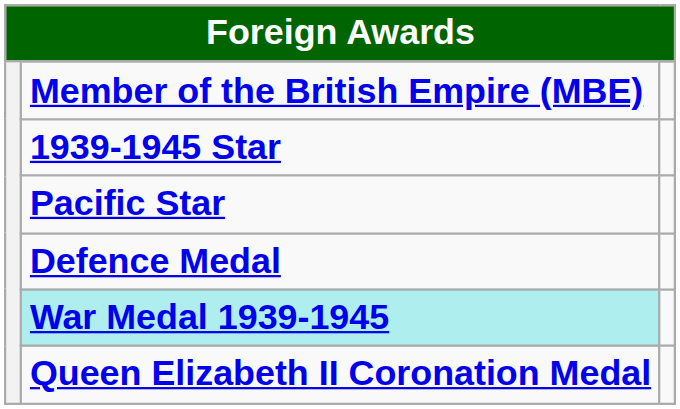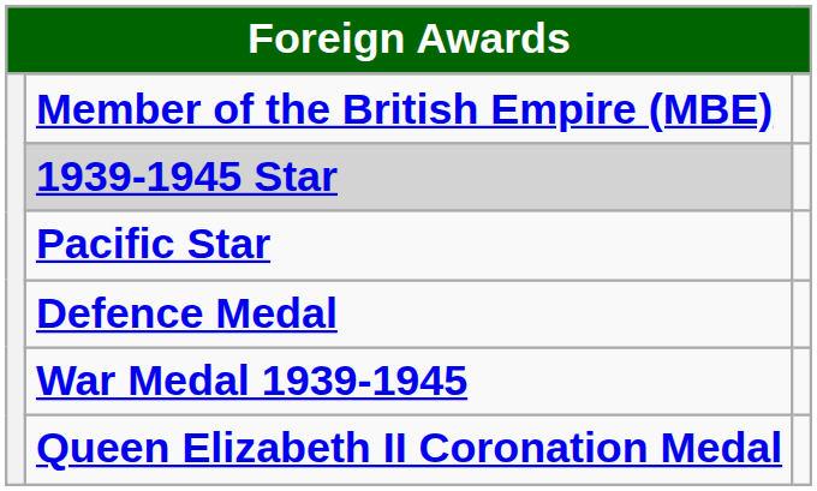 <table class="wikitable">
 <tr>
 <th colspan="3" style="background:#006400; color:#FFFFFF; text-align:center"><strong>Foreign Awards</strong></th>
 </tr>
 <tr>
 <th rowspan="6"><strong></strong></th>
 <td><strong><a href='#'>Member of the British Empire (MBE)</a></strong></td>
 <td></td>
 </tr>
 <tr>
-<td><strong><a href='#'>1939-1945 Star</a></strong></td>
+<td style="background: lightgrey;"><strong><a href='#'>1939-1945 Star</a></strong></td>
 <td></td>
 </tr>
 <tr>
 <td><strong><a href='#'>Pacific Star</a></strong></td>
 <td></td>
 </tr>
 <tr>
 <td><strong><a href='#'>Defence Medal</a></strong></td>
 <td></td>
 </tr>
 <tr>
-<td style="background: paleturquoise;"><strong><a href='#'>War Medal 1939-1945</a></strong></td>
+<td><strong><a href='#'>War Medal 1939-1945</a></strong></td>
 <td></td>
 </tr>
 <tr>
 <td><strong><a href='#'>Queen Elizabeth II Coronation Medal</a></strong></td>
 <td></td>
 </tr>
 </table>
